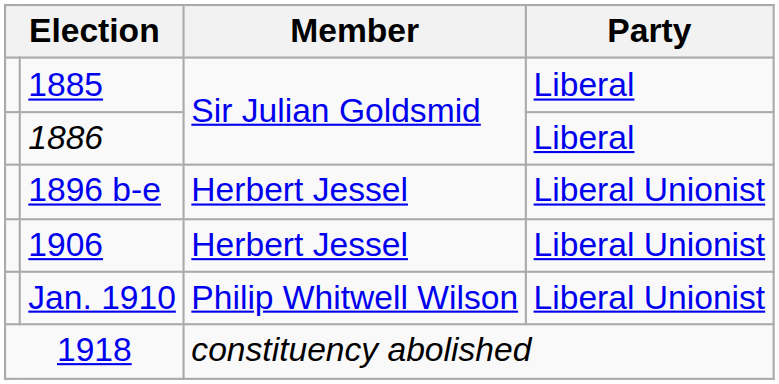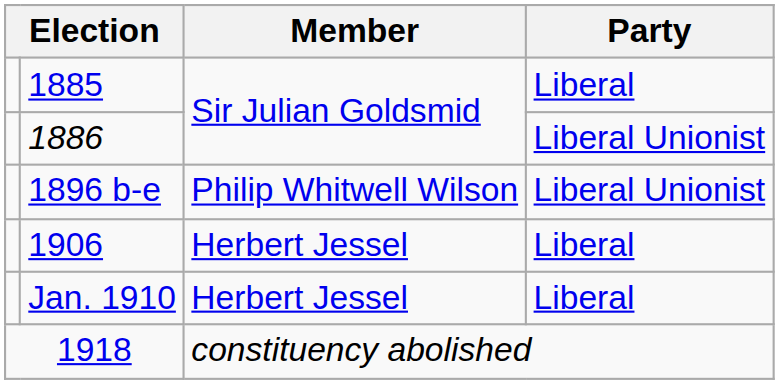 <table class="wikitable">
 <tr>
 <th colspan="2">Election</th>
 <th>Member</th>
 <th>Party</th>
 </tr>
 <tr>
 <td style="color:inherit;background-color: "></td>
 <td><a href='#'>1885</a></td>
 <td rowspan="2"><a href='#'>Sir Julian Goldsmid</a></td>
 <td><a href='#'>Liberal</a></td>
 </tr>
 <tr>
 <td style="color:inherit;background-color: "></td>
 <td><em>1886</em></td>
-<td><a href='#'>Liberal</a></td>
+<td><a href='#'>Liberal Unionist</a></td>
 </tr>
 <tr>
 <td style="color:inherit;background-color: "></td>
 <td><a href='#'>1896 b-e</a></td>
-<td><a href='#'>Herbert Jessel</a></td>
+<td><a href='#'>Philip Whitwell Wilson</a></td>
 <td><a href='#'>Liberal Unionist</a></td>
 </tr>
 <tr>
 <td style="color:inherit;background-color: "></td>
 <td><a href='#'>1906</a></td>
 <td><a href='#'>Herbert Jessel</a></td>
-<td><a href='#'>Liberal Unionist</a></td>
+<td><a href='#'>Liberal</a></td>
 </tr>
 <tr>
 <td style="color:inherit;background-color: "></td>
 <td><a href='#'>Jan. 1910</a></td>
-<td><a href='#'>Philip Whitwell Wilson</a></td>
-<td><a href='#'>Liberal Unionist</a></td>
+<td><a href='#'>Herbert Jessel</a></td>
+<td><a href='#'>Liberal</a></td>
 </tr>
 <tr>
 <td colspan="2" align="center"><a href='#'>1918</a></td>
 <td colspan="2"><em>constituency abolished</em></td>
 </tr>
 </table>
